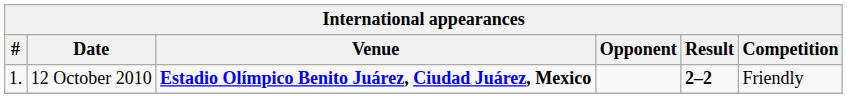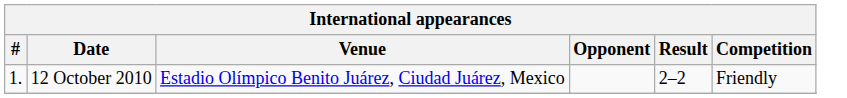 <table class="wikitable collapsible collapsed" style="font-size:90%">
 <tr>
 <th colspan="7"><strong>International appearances</strong></th>
 </tr>
 <tr>
 <th>#</th>
 <th>Date</th>
 <th>Venue</th>
 <th>Opponent</th>
 <th>Result</th>
 <th>Competition</th>
 </tr>
 <tr>
 <td>1.</td>
 <td>12 October 2010</td>
-<td><strong><a href='#'>Estadio Olímpico Benito Juárez</a>, <a href='#'>Ciudad Juárez</a>, Mexico</strong></td>
+<td><a href='#'>Estadio Olímpico Benito Juárez</a>, <a href='#'>Ciudad Juárez</a>, Mexico</td>
 <td></td>
-<td><strong>2–2</strong></td>
+<td>2–2</td>
 <td>Friendly</td>
 </tr>
 <tr>
 </tr>
 </table>
